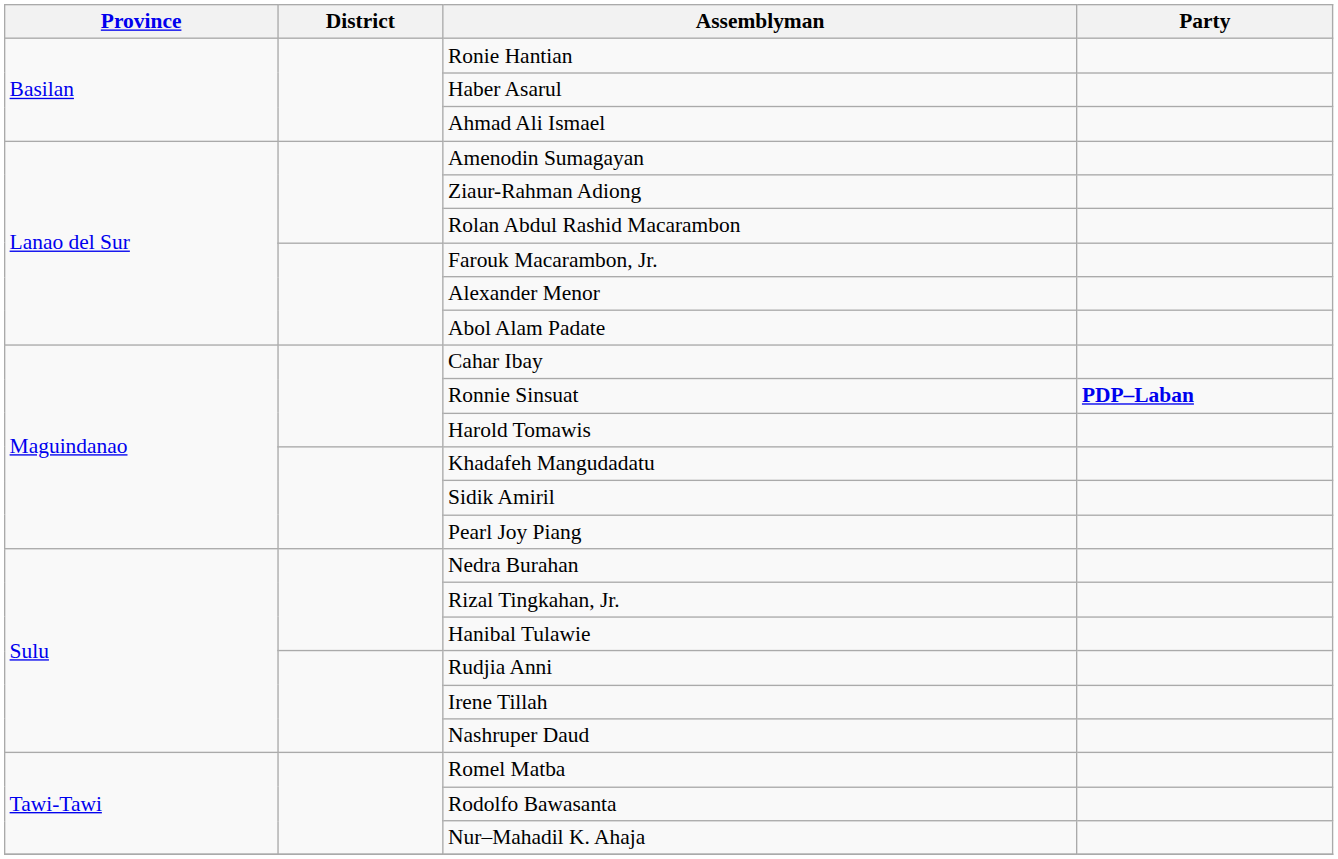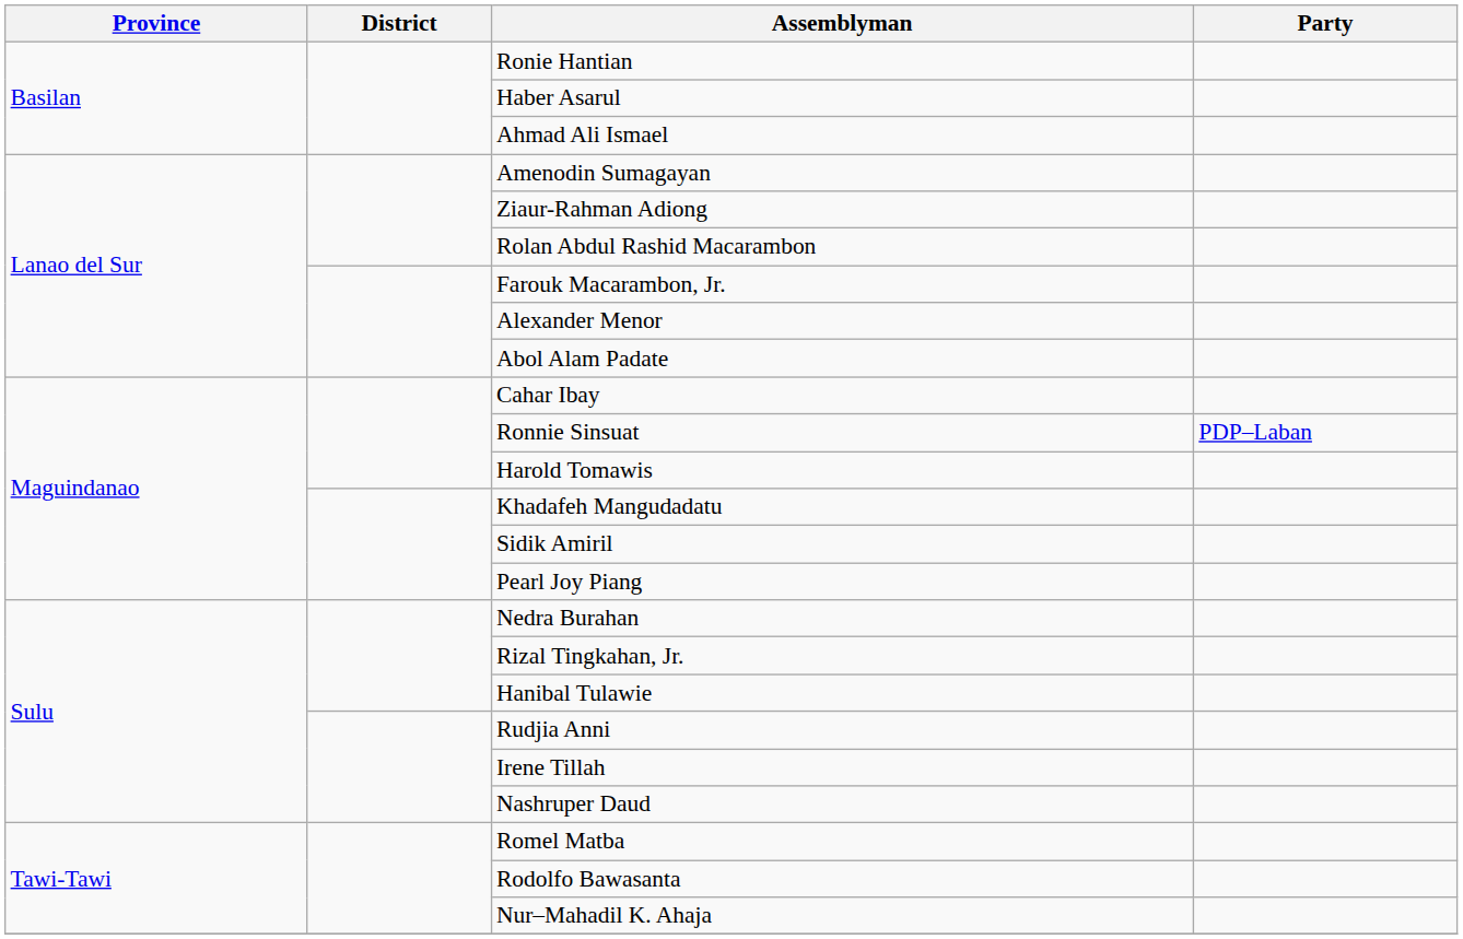 <table class="wikitable" width=50%; colspan= 4>
 <tr>
 <th><a href='#'>Province</a></th>
 <th>District</th>
 <th>Assemblyman</th>
 <th>Party</th>
 </tr>
 <tr>
 <td rowspan=3><a href='#'>Basilan</a></td>
 <td rowspan=3></td>
 <td>Ronie Hantian</td>
 <td></td>
 </tr>
 <tr>
 <td>Haber Asarul</td>
 <td></td>
 </tr>
 <tr>
 <td>Ahmad Ali Ismael</td>
 <td></td>
 </tr>
 <tr>
 <td rowspan=6><a href='#'>Lanao del Sur</a></td>
 <td rowspan=3></td>
 <td>Amenodin Sumagayan</td>
 <td></td>
 </tr>
 <tr>
 <td>Ziaur-Rahman Adiong</td>
 <td></td>
 </tr>
 <tr>
 <td>Rolan Abdul Rashid Macarambon</td>
 <td></td>
 </tr>
 <tr>
 <td rowspan=3></td>
 <td>Farouk Macarambon, Jr.</td>
 <td></td>
 </tr>
 <tr>
 <td>Alexander  Menor</td>
 <td></td>
 </tr>
 <tr>
 <td>Abol Alam Padate</td>
 <td></td>
 </tr>
 <tr>
 <td rowspan=6><a href='#'>Maguindanao</a></td>
 <td rowspan=3></td>
 <td>Cahar Ibay</td>
 <td></td>
 </tr>
 <tr>
 <td>Ronnie Sinsuat</td>
-<td><strong><a href='#'>PDP–Laban</a></strong></td>
+<td><a href='#'>PDP–Laban</a></td>
 </tr>
 <tr>
 <td>Harold Tomawis</td>
 <td></td>
 </tr>
 <tr>
 <td rowspan=3></td>
 <td>Khadafeh Mangudadatu</td>
 <td></td>
 </tr>
 <tr>
 <td>Sidik Amiril</td>
 <td></td>
 </tr>
 <tr>
 <td>Pearl Joy Piang</td>
 <td></td>
 </tr>
 <tr>
 <td rowspan=6><a href='#'>Sulu</a></td>
 <td rowspan=3></td>
 <td>Nedra Burahan</td>
 <td></td>
 </tr>
 <tr>
 <td>Rizal Tingkahan, Jr.</td>
 <td></td>
 </tr>
 <tr>
 <td>Hanibal Tulawie</td>
 <td></td>
 </tr>
 <tr>
 <td rowspan=3></td>
 <td>Rudjia Anni</td>
 <td></td>
 </tr>
 <tr>
 <td>Irene Tillah</td>
 <td></td>
 </tr>
 <tr>
 <td>Nashruper Daud</td>
 <td></td>
 </tr>
 <tr>
 <td rowspan=3><a href='#'>Tawi-Tawi</a></td>
 <td rowspan=3></td>
 <td>Romel Matba</td>
 <td></td>
 </tr>
 <tr>
 <td>Rodolfo Bawasanta</td>
 <td></td>
 </tr>
 <tr>
 <td>Nur–Mahadil K. Ahaja</td>
 <td></td>
 </tr>
 <tr>
 </tr>
 </table>
